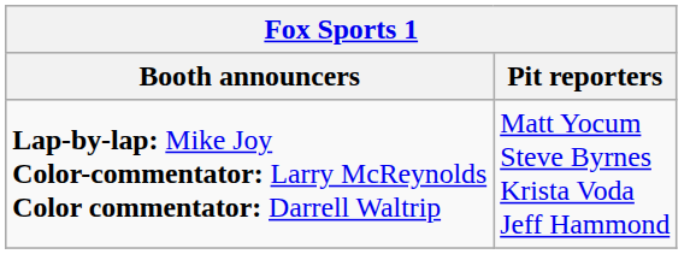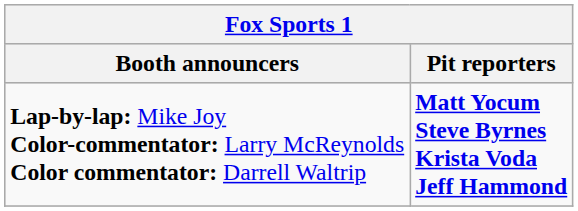 <table class="wikitable" style="font-size: 95%;">
 <tr>
 <th colspan="2"><a href='#'>Fox Sports 1</a></th>
 </tr>
 <tr>
 <th>Booth announcers</th>
 <th>Pit reporters</th>
 </tr>
 <tr>
 <td><strong>Lap-by-lap:</strong> <a href='#'>Mike Joy</a><br><strong>Color-commentator:</strong> <a href='#'>Larry McReynolds</a><br><strong>Color commentator:</strong> <a href='#'>Darrell Waltrip</a></td>
-<td><a href='#'>Matt Yocum</a><br><a href='#'>Steve Byrnes</a><br><a href='#'>Krista Voda</a><br><a href='#'>Jeff Hammond</a></td>
+<td><strong><a href='#'>Matt Yocum</a><br><a href='#'>Steve Byrnes</a><br><a href='#'>Krista Voda</a><br><a href='#'>Jeff Hammond</a></strong></td>
 </tr>
 </table>
